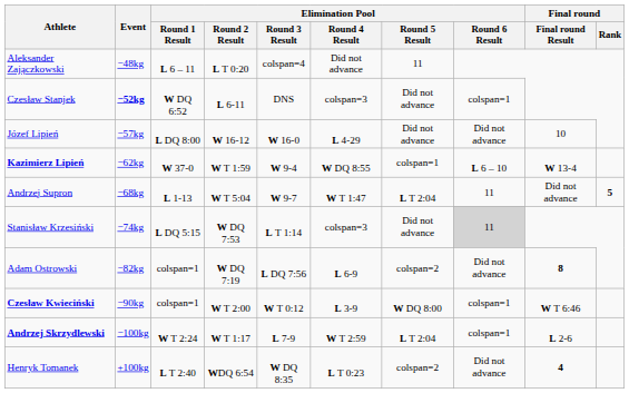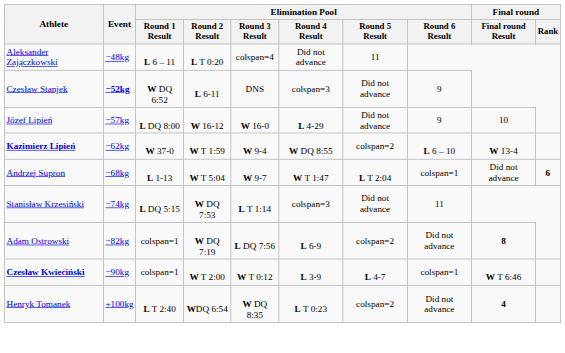 <table class="wikitable" style="font-size:90%">
 <tr>
 <th rowspan="2">Athlete</th>
 <th rowspan="2">Event</th>
 <th colspan=6>Elimination Pool</th>
 <th colspan=2>Final round</th>
 </tr>
 <tr style="font-size: 95%">
 <th>Round 1<br>Result</th>
 <th>Round 2<br>Result</th>
 <th>Round 3<br>Result</th>
 <th>Round 4<br>Result</th>
 <th>Round 5<br>Result</th>
 <th>Round 6<br>Result</th>
 <th>Final round<br>Result</th>
 <th>Rank</th>
 </tr>
 <tr align=center>
 <td align=left><a href='#'>Aleksander Zajączkowski</a></td>
 <td align=left><a href='#'>−48kg</a></td>
 <td><br><strong>L</strong> 6 – 11</td>
 <td><br><strong>L</strong> T 0:20</td>
 <td>colspan=4 </td>
 <td>Did not advance</td>
 <td>11</td>
 </tr>
 <tr align=center>
 <td align=left><a href='#'>Czesław Stanjek</a></td>
 <td align=left><strong><a href='#'>−52kg</a></strong></td>
 <td><br><strong>W</strong> DQ 6:52</td>
 <td><br><strong>L</strong> 6-11</td>
 <td colspan=1>DNS</td>
 <td>colspan=3 </td>
 <td>Did not advance</td>
-<td>colspan=1 </td>
+<td>9</td>
 </tr>
 <tr align=center>
 <td align=left><a href='#'>Józef Lipień</a></td>
 <td align=left><a href='#'>−57kg</a></td>
 <td><br><strong>L</strong> DQ 8:00</td>
 <td><br><strong>W</strong> 16-12</td>
 <td><br><strong>W</strong> 16-0</td>
 <td><br><strong>L</strong> 4-29</td>
 <td>Did not advance</td>
-<td>Did not advance</td>
+<td>9</td>
 <td>10</td>
 </tr>
 <tr align=center>
 <td align=left><strong><a href='#'>Kazimierz Lipień </a></strong></td>
 <td align=left><a href='#'>−62kg</a></td>
 <td><br><strong>W</strong> 37-0</td>
 <td><br><strong>W</strong> T 1:59</td>
 <td><br><strong>W</strong> 9-4</td>
 <td><br><strong>W</strong> DQ 8:55</td>
-<td>colspan=1 </td>
+<td>colspan=2 </td>
 <td><br><strong>L</strong> 6 – 10</td>
 <td><br><strong>W</strong> 13-4</td>
 <td></td>
 </tr>
 <tr align=center>
 <td align=left><a href='#'>Andrzej Supron</a></td>
 <td align=left><a href='#'>−68kg</a></td>
 <td><br><strong>L</strong> 1-13</td>
 <td><br><strong>W</strong> T 5:04</td>
 <td><br><strong>W</strong> 9-7</td>
 <td><br><strong>W</strong> T 1:47</td>
 <td><br><strong>L</strong> T 2:04</td>
-<td>11</td>
+<td>colspan=1 </td>
 <td>Did not advance</td>
-<td><strong>5</strong></td>
+<td><strong>6</strong></td>
 </tr>
 <tr align=center>
 <td align=left><a href='#'>Stanisław Krzesiński</a></td>
 <td align=left><a href='#'>−74kg</a></td>
 <td><br><strong>L</strong> DQ  5:15</td>
 <td><br><strong>W</strong> DQ 7:53</td>
 <td><br><strong>L</strong> T 1:14</td>
 <td>colspan=3 </td>
 <td>Did not advance</td>
-<td style="background: lightgrey;">11</td>
+<td>11</td>
 </tr>
 <tr align=center>
 <td align=left><a href='#'>Adam Ostrowski</a></td>
 <td align=left><a href='#'>−82kg</a></td>
 <td>colspan=1 </td>
 <td><br><strong>W</strong> DQ 7:19</td>
 <td><br><strong>L</strong> DQ 7:56</td>
 <td><br><strong>L</strong> 6-9</td>
 <td>colspan=2 </td>
 <td>Did not advance</td>
 <td><strong>8</strong></td>
 </tr>
 <tr align=center>
 <td align=left><strong><a href='#'>Czesław Kwieciński</a></strong></td>
 <td align=left><a href='#'>−90kg</a></td>
 <td>colspan=1 </td>
 <td><br><strong>W</strong> T 2:00</td>
 <td><br><strong>W</strong> T 0:12</td>
 <td><br><strong>L</strong> 3-9</td>
-<td><br><strong>W</strong> DQ 8:00</td>
+<td><br><strong>L</strong> 4-7</td>
 <td>colspan=1 </td>
 <td><br><strong>W</strong> T 6:46</td>
-<td></td>
-</tr>
-<tr align=center>
-<td align=left><strong><a href='#'>Andrzej Skrzydlewski</a></strong></td>
-<td align=left><a href='#'>−100kg</a></td>
-<td><br><strong>W</strong> T 2:24</td>
-<td><br><strong>W</strong> T 1:17</td>
-<td><br><strong>L</strong> 7-9</td>
-<td><br><strong>W</strong> T 2:59</td>
-<td><br><strong>L</strong> T 2:04</td>
-<td>colspan=1 </td>
-<td><br><strong>L</strong> 2-6</td>
 <td></td>
 </tr>
 <tr align=center>
 <td align=left><a href='#'>Henryk Tomanek</a></td>
 <td align=left><a href='#'>+100kg</a></td>
 <td><br><strong>L</strong> T 2:40</td>
 <td><br><strong>W</strong>DQ 6:54</td>
 <td><br><strong>W</strong> DQ 8:35</td>
 <td><br><strong>L</strong> T 0:23</td>
 <td>colspan=2 </td>
 <td>Did not advance</td>
 <td><strong>4</strong></td>
 </tr>
 </table>
